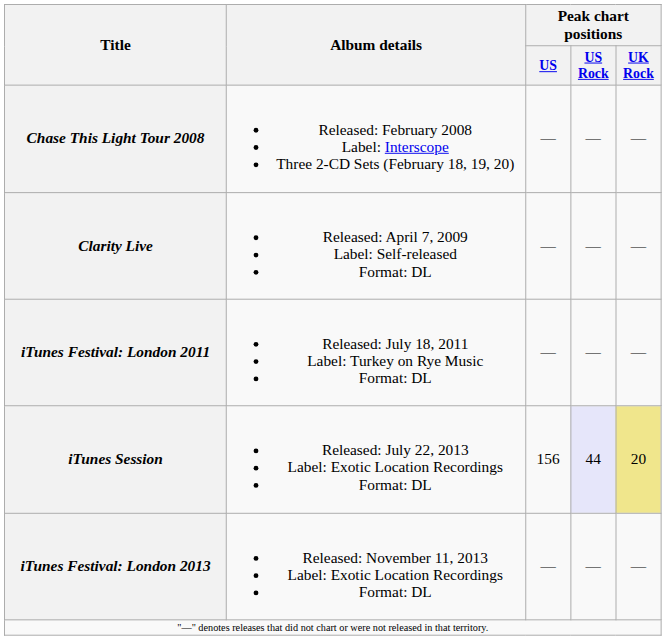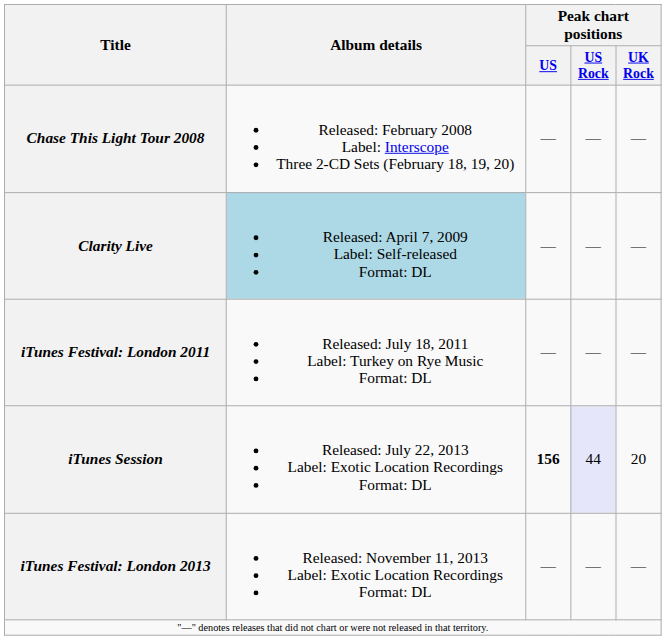 <table class="wikitable plainrowheaders" style="text-align:center;">
 <tr>
 <th scope="col" rowspan="2" style="width:14em;">Title</th>
 <th scope="col" rowspan="2" style="width:19em;">Album details</th>
 <th scope="col" colspan="3">Peak chart positions</th>
 </tr>
 <tr>
 <th scope="col" style="width:2.8em;font-size:90%;"><a href='#'>US</a><br></th>
 <th scope="col" style="width:2.8em;font-size:90%;"><a href='#'>US Rock</a><br></th>
 <th scope="col" style="width:2.8em;font-size:90%;"><a href='#'>UK<br>Rock</a><br></th>
 </tr>
 <tr>
 <th scope="row"><em>Chase This Light Tour 2008</em></th>
 <td><br><ul><li>Released: February 2008</li><li>Label: <a href='#'>Interscope</a></li><li>Three 2-CD Sets (February 18, 19, 20)</li></ul></td>
 <td>—</td>
 <td>—</td>
 <td>—</td>
 </tr>
 <tr>
 <th scope="row"><em>Clarity Live</em></th>
-<td><br><ul><li>Released: April 7, 2009</li><li>Label: Self-released</li><li>Format: DL</li></ul></td>
+<td style="background: lightblue;"><br><ul><li>Released: April 7, 2009</li><li>Label: Self-released</li><li>Format: DL</li></ul></td>
 <td>—</td>
 <td>—</td>
 <td>—</td>
 </tr>
 <tr>
 <th scope="row"><em>iTunes Festival: London 2011</em></th>
 <td><br><ul><li>Released: July 18, 2011</li><li>Label: Turkey on Rye Music</li><li>Format: DL</li></ul></td>
 <td>—</td>
 <td>—</td>
 <td>—</td>
 </tr>
 <tr>
 <th scope="row"><em>iTunes Session</em></th>
 <td><br><ul><li>Released: July 22, 2013</li><li>Label: Exotic Location Recordings</li><li>Format: DL</li></ul></td>
-<td>156</td>
+<td><strong>156</strong></td>
 <td style="background: lavender;">44</td>
-<td style="background: khaki;">20</td>
+<td>20</td>
 </tr>
 <tr>
 <th scope="row"><em>iTunes Festival: London 2013</em></th>
 <td><br><ul><li>Released: November 11, 2013</li><li>Label: Exotic Location Recordings</li><li>Format: DL</li></ul></td>
 <td>—</td>
 <td>—</td>
 <td>—</td>
 </tr>
 <tr>
 <td align="center" colspan="13" style="font-size: 8pt">"—" denotes releases that did not chart or were not released in that territory.</td>
 </tr>
 </table>
